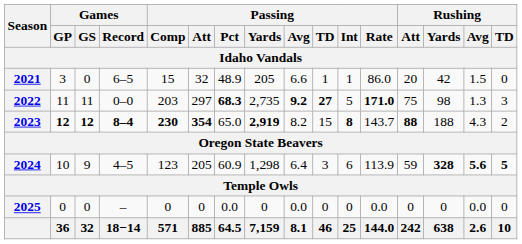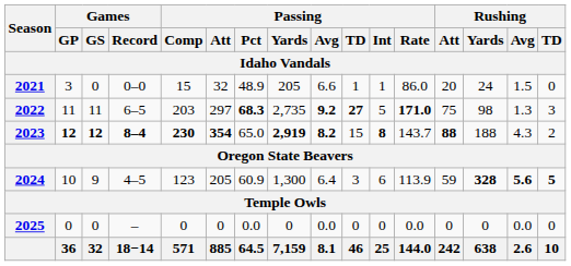 <table class="wikitable" style="text-align:center;">
 <tr>
 <th rowspan="2">Season</th>
 <th colspan="3">Games</th>
 <th colspan="8">Passing</th>
 <th colspan="5">Rushing</th>
 </tr>
 <tr>
 <th>GP</th>
 <th>GS</th>
 <th>Record</th>
 <th>Comp</th>
 <th>Att</th>
 <th>Pct</th>
 <th>Yards</th>
 <th>Avg</th>
 <th>TD</th>
 <th>Int</th>
 <th>Rate</th>
 <th>Att</th>
 <th>Yards</th>
 <th>Avg</th>
 <th>TD</th>
 </tr>
 <tr>
 <th colspan="16">Idaho Vandals</th>
 </tr>
 <tr>
 <th><a href='#'>2021</a></th>
 <td>3</td>
 <td>0</td>
-<td>6–5</td>
+<td>0–0</td>
 <td>15</td>
 <td>32</td>
 <td>48.9</td>
 <td>205</td>
 <td>6.6</td>
 <td>1</td>
 <td>1</td>
 <td>86.0</td>
 <td>20</td>
-<td>42</td>
+<td>24</td>
 <td>1.5</td>
 <td>0</td>
 </tr>
 <tr>
 <th><a href='#'>2022</a></th>
 <td>11</td>
 <td>11</td>
-<td>0–0</td>
+<td>6–5</td>
 <td>203</td>
 <td>297</td>
 <td><strong>68.3</strong></td>
 <td>2,735</td>
 <td><strong>9.2</strong></td>
 <td><strong>27</strong></td>
 <td>5</td>
 <td><strong>171.0</strong></td>
 <td>75</td>
 <td>98</td>
 <td>1.3</td>
 <td>3</td>
 </tr>
 <tr>
 <th><a href='#'>2023</a></th>
 <td><strong>12</strong></td>
 <td><strong>12</strong></td>
 <td><strong>8–4</strong></td>
 <td><strong>230</strong></td>
 <td><strong>354</strong></td>
 <td>65.0</td>
 <td><strong>2,919</strong></td>
-<td>8.2</td>
+<td><strong>8.2</strong></td>
 <td>15</td>
 <td><strong>8</strong></td>
 <td>143.7</td>
 <td><strong>88</strong></td>
 <td>188</td>
 <td>4.3</td>
 <td>2</td>
 </tr>
 <tr>
 <th colspan="16">Oregon State Beavers</th>
 </tr>
 <tr>
 <th><a href='#'>2024</a></th>
 <td>10</td>
 <td>9</td>
 <td>4–5</td>
 <td>123</td>
 <td>205</td>
 <td>60.9</td>
-<td>1,298</td>
+<td>1,300</td>
 <td>6.4</td>
 <td>3</td>
 <td>6</td>
 <td>113.9</td>
 <td>59</td>
 <td><strong>328</strong></td>
 <td><strong>5.6</strong></td>
 <td><strong>5</strong></td>
 </tr>
 <tr>
 <th colspan="16">Temple Owls</th>
 </tr>
 <tr>
 <th><a href='#'>2025</a></th>
 <td>0</td>
 <td>0</td>
 <td>–</td>
 <td>0</td>
 <td>0</td>
 <td>0.0</td>
 <td>0</td>
 <td>0.0</td>
 <td>0</td>
 <td>0</td>
 <td>0.0</td>
 <td>0</td>
 <td>0</td>
 <td>0.0</td>
 <td>0</td>
 </tr>
 <tr>
 <th></th>
 <th>36</th>
 <th>32</th>
 <th>18−14</th>
 <th>571</th>
 <th>885</th>
 <th>64.5</th>
 <th>7,159</th>
 <th>8.1</th>
 <th>46</th>
 <th>25</th>
 <th>144.0</th>
 <th>242</th>
 <th>638</th>
 <th>2.6</th>
 <th>10</th>
 </tr>
 </table>
